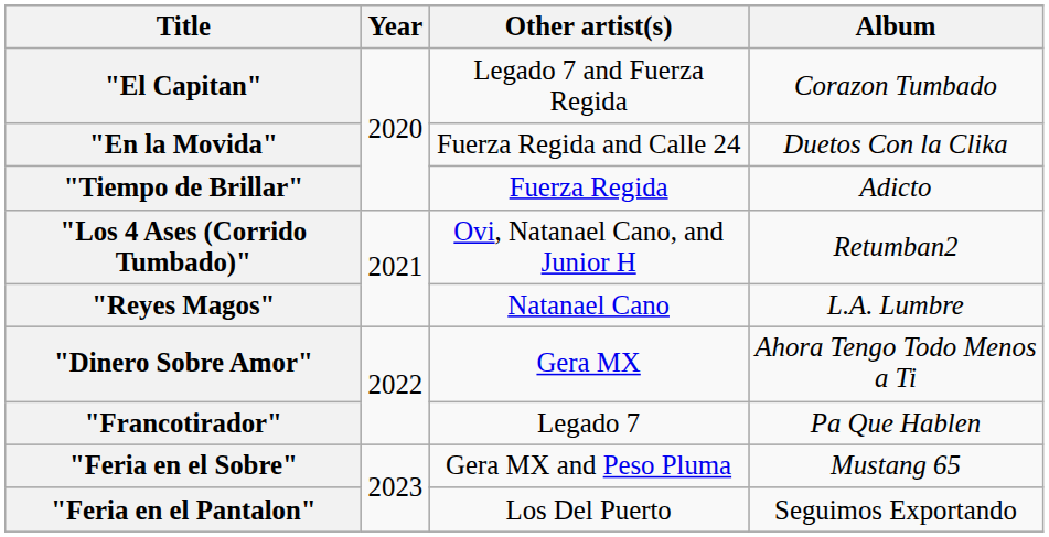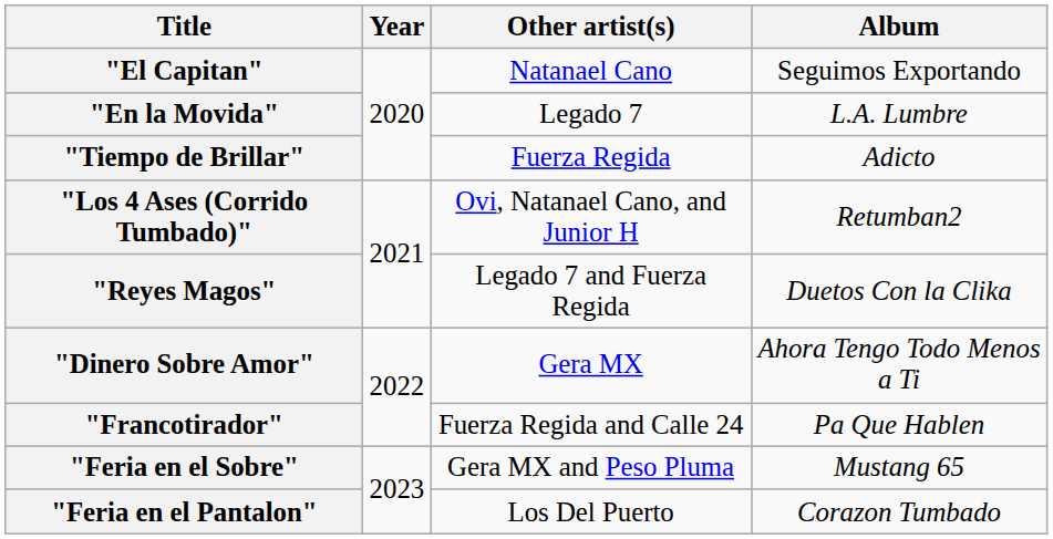 <table class="wikitable plainrowheaders" style="text-align:center;">
 <tr>
 <th scope="col">Title</th>
 <th scope="col">Year</th>
 <th scope="col">Other artist(s)</th>
 <th scope="col">Album</th>
 </tr>
 <tr>
 <th scope="row">"El Capitan"</th>
 <td rowspan="3">2020</td>
-<td>Legado 7 and Fuerza Regida</td>
-<td><em>Corazon Tumbado</em></td>
+<td><a href='#'>Natanael Cano</a></td>
+<td></em>Seguimos Exportando<em></td>
 </tr>
 <tr>
 <th scope="row">"En la Movida"</th>
-<td>Fuerza Regida and Calle 24</td>
-<td><em>Duetos Con la Clika</em></td>
+<td>Legado 7</td>
+<td><em>L.A. Lumbre</em></td>
 </tr>
 <tr>
 <th scope="row">"Tiempo de Brillar"</th>
 <td><a href='#'>Fuerza Regida</a></td>
 <td><em>Adicto</em></td>
 </tr>
 <tr>
 <th scope="row">"Los 4 Ases (Corrido Tumbado)"</th>
 <td rowspan="2">2021</td>
 <td><a href='#'>Ovi</a>, Natanael Cano, and <a href='#'>Junior H</a></td>
 <td><em>Retumban2</em></td>
 </tr>
 <tr>
 <th scope="row">"Reyes Magos"</th>
-<td><a href='#'>Natanael Cano</a></td>
-<td><em>L.A. Lumbre</em></td>
+<td>Legado 7 and Fuerza Regida</td>
+<td><em>Duetos Con la Clika</em></td>
 </tr>
 <tr>
 <th scope="row">"Dinero Sobre Amor"</th>
 <td rowspan="2">2022</td>
 <td><a href='#'>Gera MX</a></td>
 <td><em>Ahora Tengo Todo Menos a Ti</em></td>
 </tr>
 <tr>
 <th scope="row">"Francotirador"</th>
-<td>Legado 7</td>
+<td>Fuerza Regida and Calle 24</td>
 <td><em>Pa Que Hablen</em></td>
 </tr>
 <tr>
 <th scope="row">"Feria en el Sobre"</th>
 <td rowspan="2">2023</td>
 <td>Gera MX and <a href='#'>Peso Pluma</a></td>
 <td><em>Mustang 65<strong></td>
 </tr>
 <tr>
 <th scope="row">"Feria en el Pantalon"</th>
 <td>Los Del Puerto</td>
-<td></em>Seguimos Exportando<em></td>
+<td><em>Corazon Tumbado</em></td>
 </tr>
 </table>
